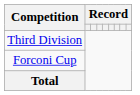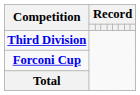 <table class="wikitable" style="text-align: center">
 <tr>
 <th rowspan=2>Competition</th>
 <th colspan=8>Record</th>
 </tr>
 <tr>
 <th></th>
 <th></th>
 <th></th>
 <th></th>
 <th></th>
 <th></th>
 <th></th>
 <th></th>
 </tr>
 <tr>
-<td><a href='#'>Third Division</a><br></td>
+<td><strong><a href='#'>Third Division</a><br></strong></td>
 </tr>
 <tr>
-<td><a href='#'>Forconi Cup</a><br></td>
+<td><strong><a href='#'>Forconi Cup</a><br></strong></td>
 </tr>
 <tr>
 <th>Total<br></th>
 </tr>
 </table>
